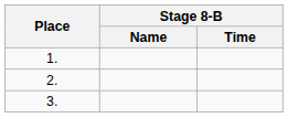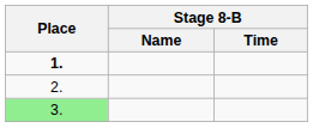 <table class=wikitable style="font-size:95%" width="50%">
 <tr>
 <th rowspan="2">Place</th>
 <th colspan="2">Stage 8-B</th>
 </tr>
 <tr>
 <th>Name</th>
 <th>Time</th>
 </tr>
 <tr>
-<td align="center">1.</td>
+<td align="center"><strong>1.</strong></td>
 <td></td>
 <td></td>
 </tr>
 <tr>
 <td align="center">2.</td>
 <td></td>
 <td></td>
 </tr>
 <tr>
-<td align="center">3.</td>
+<td align="center" style="background: lightgreen;">3.</td>
 <td></td>
 <td></td>
 </tr>
 </table>
